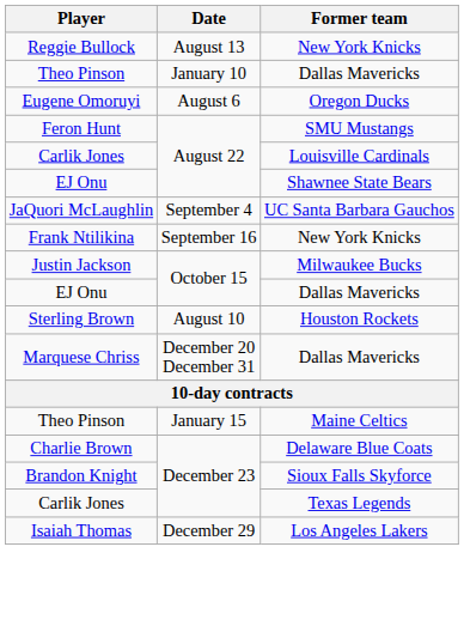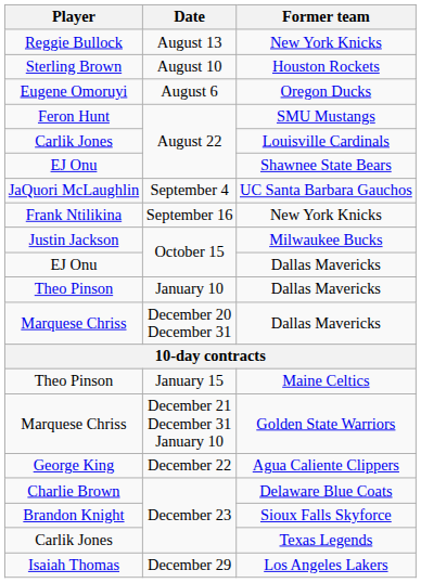 <table class="wikitable sortable sortable">
 <tr>
 <th>Player</th>
 <th>Date</th>
 <th>Former team</th>
 </tr>
 <tr style="text-align: center">
 <td><a href='#'>Reggie Bullock</a></td>
 <td>August 13</td>
 <td><a href='#'>New York Knicks</a></td>
 </tr>
 <tr style="text-align: center">
-<td><a href='#'>Theo Pinson</a></td>
-<td>January 10</td>
-<td>Dallas Mavericks</td>
+<td><a href='#'>Sterling Brown</a></td>
+<td>August 10</td>
+<td><a href='#'>Houston Rockets</a></td>
 </tr>
 <tr style="text-align: center">
 <td><a href='#'>Eugene Omoruyi</a></td>
 <td>August 6</td>
 <td><a href='#'>Oregon Ducks</a></td>
 </tr>
 <tr style="text-align: center">
 <td><a href='#'>Feron Hunt</a></td>
 <td rowspan=3>August 22</td>
 <td><a href='#'>SMU Mustangs</a></td>
 </tr>
 <tr style="text-align: center">
 <td><a href='#'>Carlik Jones</a></td>
 <td><a href='#'>Louisville Cardinals</a></td>
 </tr>
 <tr style="text-align: center">
 <td><a href='#'>EJ Onu</a></td>
 <td><a href='#'>Shawnee State Bears</a></td>
 </tr>
 <tr style="text-align: center">
 <td><a href='#'>JaQuori McLaughlin</a></td>
 <td>September 4</td>
 <td><a href='#'>UC Santa Barbara Gauchos</a></td>
 </tr>
 <tr style="text-align: center">
 <td><a href='#'>Frank Ntilikina</a></td>
 <td>September 16</td>
 <td>New York Knicks</td>
 </tr>
 <tr style="text-align: center">
 <td><a href='#'>Justin Jackson</a></td>
 <td rowspan=2>October 15</td>
 <td><a href='#'>Milwaukee Bucks</a></td>
 </tr>
 <tr style="text-align: center">
 <td>EJ Onu</td>
 <td>Dallas Mavericks</td>
 </tr>
 <tr style="text-align: center">
-<td><a href='#'>Sterling Brown</a></td>
-<td>August 10</td>
-<td><a href='#'>Houston Rockets</a></td>
+<td><a href='#'>Theo Pinson</a></td>
+<td>January 10</td>
+<td>Dallas Mavericks</td>
 </tr>
 <tr style="text-align: center">
 <td><a href='#'>Marquese Chriss</a></td>
 <td>December 20<br>December 31</td>
 <td>Dallas Mavericks</td>
 </tr>
 <tr style="text-align: center">
 <th colspan=3>10-day contracts</th>
 </tr>
 <tr style="text-align: center">
 <td>Theo Pinson</td>
 <td>January 15</td>
 <td><a href='#'>Maine Celtics</a></td>
+</tr>
+<tr style="text-align: center">
+<td>Marquese Chriss</td>
+<td>December 21<br>December 31<br>January 10</td>
+<td><a href='#'>Golden State Warriors</a></td>
+</tr>
+<tr style="text-align: center">
+<td><a href='#'>George King</a></td>
+<td>December 22</td>
+<td><a href='#'>Agua Caliente Clippers</a></td>
 </tr>
 <tr style="text-align: center">
 <td><a href='#'>Charlie Brown</a></td>
 <td rowspan=3>December 23</td>
 <td><a href='#'>Delaware Blue Coats</a></td>
 </tr>
 <tr style="text-align: center">
 <td><a href='#'>Brandon Knight</a></td>
 <td><a href='#'>Sioux Falls Skyforce</a></td>
 </tr>
 <tr style="text-align: center">
 <td>Carlik Jones</td>
 <td><a href='#'>Texas Legends</a></td>
 </tr>
 <tr style="text-align: center">
 <td><a href='#'>Isaiah Thomas</a></td>
 <td>December 29</td>
 <td><a href='#'>Los Angeles Lakers</a></td>
 </tr>
 </table>
